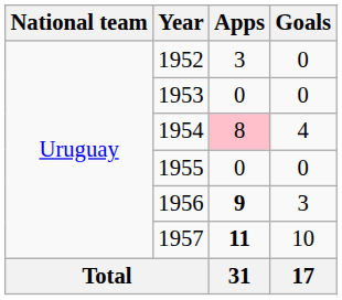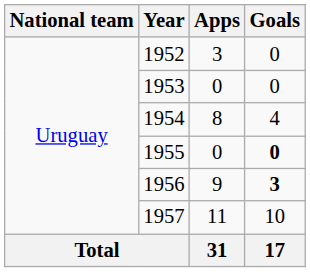 <table class="wikitable" style="text-align:center">
 <tr>
 <th>National team</th>
 <th>Year</th>
 <th>Apps</th>
 <th>Goals</th>
 </tr>
 <tr>
 <td rowspan="6"><a href='#'>Uruguay</a></td>
 <td>1952</td>
 <td>3</td>
 <td>0</td>
 </tr>
 <tr>
 <td>1953</td>
 <td>0</td>
 <td>0</td>
 </tr>
 <tr>
 <td>1954</td>
-<td style="background: pink;">8</td>
+<td>8</td>
 <td>4</td>
 </tr>
 <tr>
 <td>1955</td>
 <td>0</td>
-<td>0</td>
+<td><strong>0</strong></td>
 </tr>
 <tr>
 <td>1956</td>
-<td><strong>9</strong></td>
-<td>3</td>
+<td>9</td>
+<td><strong>3</strong></td>
 </tr>
 <tr>
 <td>1957</td>
-<td><strong>11</strong></td>
+<td>11</td>
 <td>10</td>
 </tr>
 <tr>
 <th colspan="2">Total</th>
 <th>31</th>
 <th>17</th>
 </tr>
 </table>
